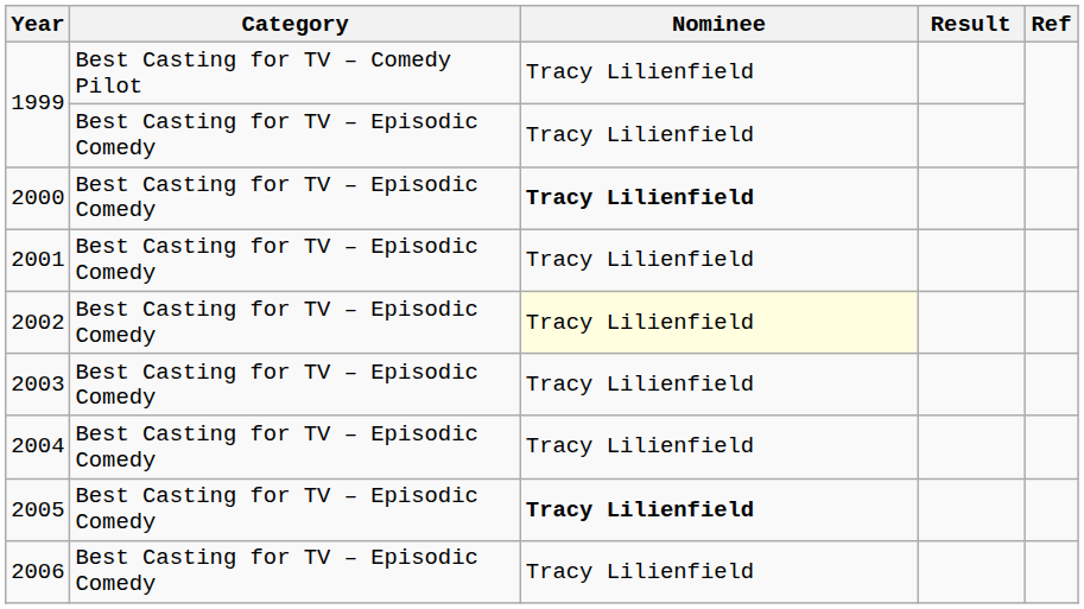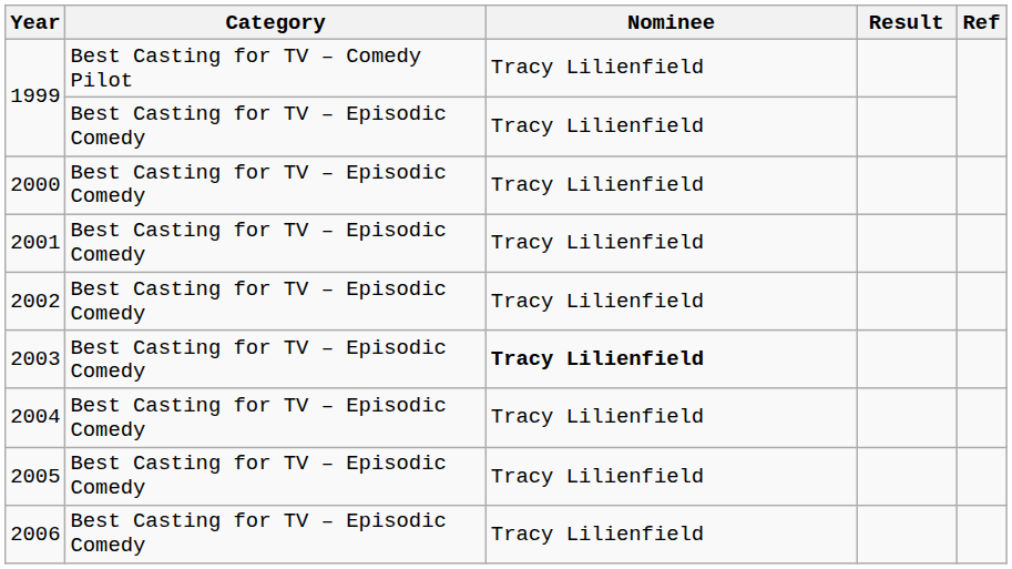 <table class="wikitable" style="width:100%;">
 <tr>
 <th style="width:6%;">Year</th>
 <th style="width:42%;">Category</th>
 <th style="width:37%;">Nominee</th>
 <th style="width:10%;">Result</th>
 <th style="width:5%;">Ref</th>
 </tr>
 <tr>
 <td rowspan="2" style="text-align:center;">1999</td>
 <td>Best Casting for TV – Comedy Pilot</td>
 <td>Tracy Lilienfield</td>
 <td></td>
 <td rowspan="2" style="text-align:center;"></td>
 </tr>
 <tr>
 <td>Best Casting for TV – Episodic Comedy</td>
 <td>Tracy Lilienfield</td>
 <td></td>
 </tr>
 <tr>
 <td style="text-align:center;">2000</td>
 <td>Best Casting for TV – Episodic Comedy</td>
-<td><strong>Tracy Lilienfield</strong></td>
+<td>Tracy Lilienfield</td>
 <td></td>
 <td style="text-align:center;"></td>
 </tr>
 <tr>
 <td style="text-align:center;">2001</td>
 <td>Best Casting for TV – Episodic Comedy</td>
 <td>Tracy Lilienfield</td>
 <td></td>
 <td style="text-align:center;"></td>
 </tr>
 <tr>
 <td style="text-align:center;">2002</td>
 <td>Best Casting for TV – Episodic Comedy</td>
-<td style="background: lightyellow;">Tracy Lilienfield</td>
+<td>Tracy Lilienfield</td>
 <td></td>
 <td style="text-align:center;"></td>
 </tr>
 <tr>
 <td style="text-align:center;">2003</td>
 <td>Best Casting for TV – Episodic Comedy</td>
-<td>Tracy Lilienfield</td>
+<td><strong>Tracy Lilienfield</strong></td>
 <td></td>
 <td style="text-align:center;"></td>
 </tr>
 <tr>
 <td style="text-align:center;">2004</td>
 <td>Best Casting for TV – Episodic Comedy</td>
 <td>Tracy Lilienfield</td>
 <td></td>
 <td style="text-align:center;"></td>
 </tr>
 <tr>
 <td style="text-align:center;">2005</td>
 <td>Best Casting for TV – Episodic Comedy</td>
-<td><strong>Tracy Lilienfield</strong></td>
+<td>Tracy Lilienfield</td>
 <td></td>
 <td style="text-align:center;"></td>
 </tr>
 <tr>
 <td style="text-align:center;">2006</td>
 <td>Best Casting for TV – Episodic Comedy</td>
 <td>Tracy Lilienfield</td>
 <td></td>
 <td style="text-align:center;"></td>
 </tr>
 </table>
